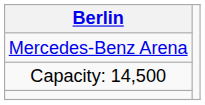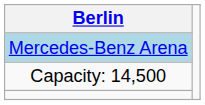 <table class="wikitable" style="text-align:center">
 <tr>
 <th><a href='#'>Berlin</a></th>
 <td rowspan=4></td>
 </tr>
 <tr>
-<td><a href='#'>Mercedes-Benz Arena</a></td>
+<td style="background: lightblue;"><a href='#'>Mercedes-Benz Arena</a></td>
 </tr>
 <tr>
 <td>Capacity: 14,500</td>
 </tr>
 <tr>
 <td></td>
 </tr>
 </table>
